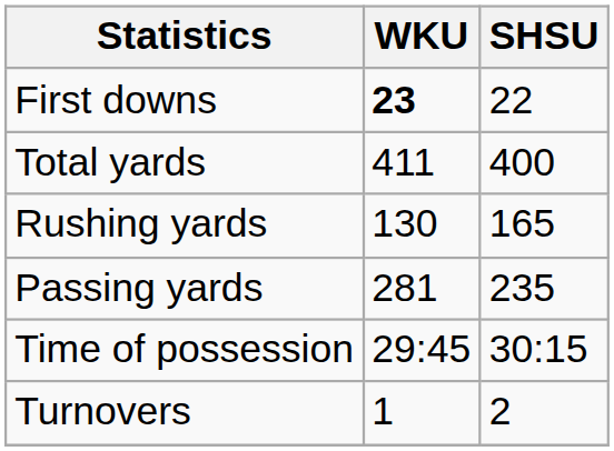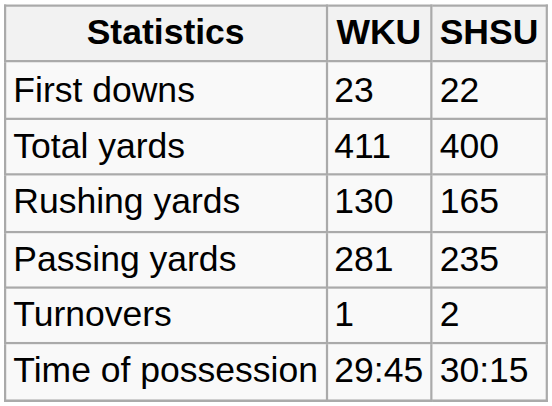 <table class="wikitable" style="float: left;">
 <tr>
 <th>Statistics</th>
 <th>WKU</th>
 <th>SHSU</th>
 </tr>
 <tr>
 <td>First downs</td>
-<td><strong>23</strong></td>
+<td>23</td>
 <td>22</td>
 </tr>
 <tr>
 <td>Total yards</td>
 <td>411</td>
 <td>400</td>
 </tr>
 <tr>
 <td>Rushing yards</td>
 <td>130</td>
 <td>165</td>
 </tr>
 <tr>
 <td>Passing yards</td>
 <td>281</td>
 <td>235</td>
 </tr>
 <tr>
+<td>Turnovers</td>
+<td>1</td>
+<td>2</td>
+</tr>
+<tr>
 <td>Time of possession</td>
 <td>29:45</td>
 <td>30:15</td>
 </tr>
 <tr>
-<td>Turnovers</td>
-<td>1</td>
-<td>2</td>
-</tr>
-<tr>
 </tr>
 </table>
